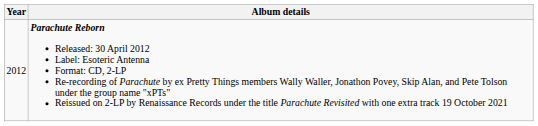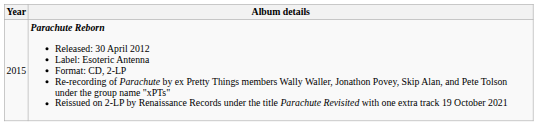 <table class="wikitable">
 <tr>
 <th>Year</th>
 <th>Album details</th>
 </tr>
 <tr>
-<td>2012</td>
+<td>2015</td>
 <td><strong><em>Parachute Reborn</em></strong><br><ul><li>Released: 30 April 2012</li><li>Label: Esoteric Antenna </li><li>Format: CD, 2-LP</li><li>Re-recording of <em>Parachute</em> by ex Pretty Things members Wally Waller, Jonathon Povey, Skip Alan, and Pete Tolson under the group name "xPTs"</li><li>Reissued on 2-LP by Renaissance Records under the title <em>Parachute Revisited</em> with one extra track 19 October 2021</li></ul></td>
 </tr>
 </table>
